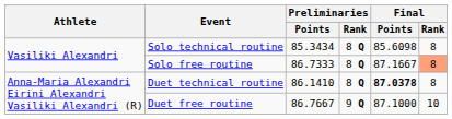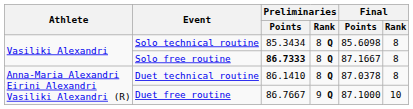 <table class=wikitable style="font-size:90%">
 <tr>
 <th rowspan="2">Athlete</th>
 <th rowspan="2">Event</th>
 <th colspan="2">Preliminaries</th>
 <th colspan="2">Final</th>
 </tr>
 <tr style="font-size:95%">
 <th>Points</th>
 <th>Rank</th>
 <th>Points</th>
 <th>Rank</th>
 </tr>
 <tr align=center>
 <td align=left rowspan=2><a href='#'>Vasiliki Alexandri</a></td>
 <td align=left><a href='#'>Solo technical routine</a></td>
 <td>85.3434</td>
 <td>8 <strong>Q</strong></td>
 <td>85.6098</td>
 <td>8</td>
 </tr>
 <tr align=center>
 <td align=left><a href='#'>Solo free routine</a></td>
-<td>86.7333</td>
+<td><strong>86.7333</strong></td>
 <td>8 <strong>Q</strong></td>
 <td>87.1667</td>
-<td style="background: lightsalmon;">8</td>
+<td>8</td>
 </tr>
 <tr align=center>
 <td align=left rowspan=2><a href='#'>Anna-Maria Alexandri</a><br><a href='#'>Eirini Alexandri</a><br><a href='#'>Vasiliki Alexandri</a> (R)</td>
 <td align=left><a href='#'>Duet technical routine</a></td>
 <td>86.1410</td>
 <td>8 <strong>Q</strong></td>
-<td><strong>87.0378</strong></td>
+<td>87.0378</td>
 <td>8</td>
 </tr>
 <tr align=center>
 <td align=left><a href='#'>Duet free routine</a></td>
 <td>86.7667</td>
 <td>9 <strong>Q</strong></td>
 <td>87.1000</td>
 <td>10</td>
 </tr>
 </table>
